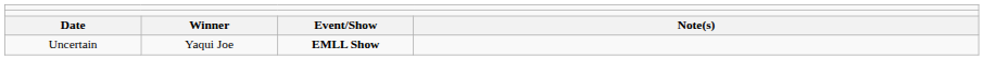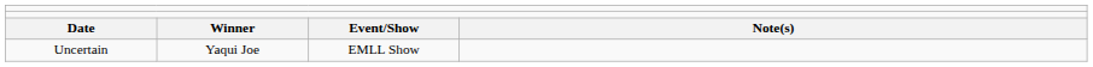 <table class="wikitable" style="text-align:center; width:100%;">
 <tr>
 <td colspan="5"></td>
 </tr>
 <tr>
 <td colspan="5"><strong></strong></td>
 </tr>
 <tr>
 <th width=14%>Date</th>
 <th width=14%>Winner</th>
 <th width=14%>Event/Show</th>
 <th width=58%>Note(s)</th>
 </tr>
 <tr>
 <td>Uncertain</td>
 <td>Yaqui Joe</td>
-<td><strong>EMLL Show</strong></td>
+<td>EMLL Show</td>
 <td align=left></td>
 </tr>
 </table>
